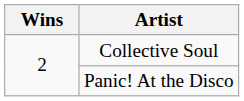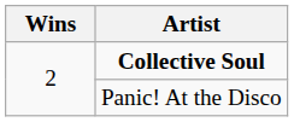 <table class="wikitable" style="text-align:center;">
 <tr>
 <th scope="col" width="55">Wins</th>
 <th scope="col" align="center">Artist</th>
 </tr>
 <tr>
 <td rowspan=2 style="text-align:center">2</td>
-<td>Collective Soul</td>
+<td><strong>Collective Soul</strong></td>
 </tr>
 <tr>
 <td>Panic! At the Disco</td>
 </tr>
 </table>
